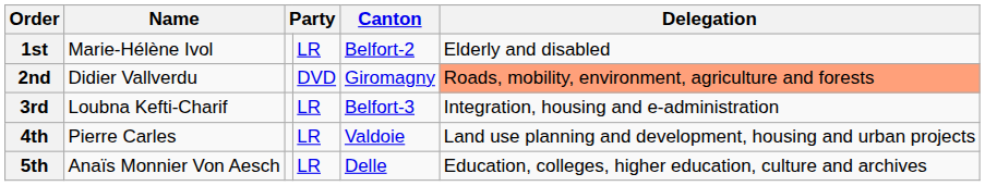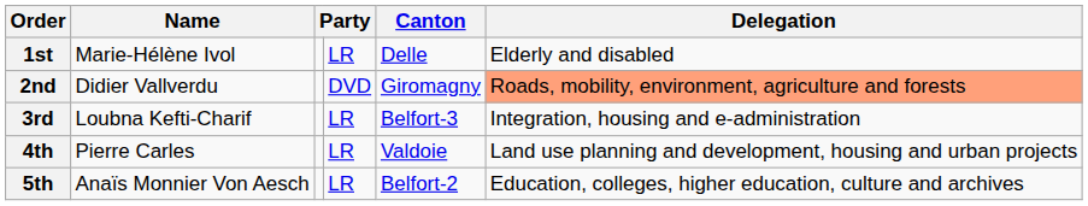 <table class="wikitable">
 <tr>
 <th>Order</th>
 <th>Name</th>
 <th colspan="2">Party</th>
 <th><a href='#'>Canton</a></th>
 <th>Delegation</th>
 </tr>
 <tr>
 <th>1st</th>
 <td>Marie-Hélène Ivol</td>
 <td style="background-color: "></td>
 <td><a href='#'>LR</a></td>
-<td><a href='#'>Belfort-2</a></td>
+<td><a href='#'>Delle</a></td>
 <td>Elderly and disabled</td>
 </tr>
 <tr>
 <th>2nd</th>
 <td>Didier Vallverdu</td>
 <td style="background-color: "></td>
 <td><a href='#'>DVD</a></td>
 <td><a href='#'>Giromagny</a></td>
 <td style="background: lightsalmon;">Roads, mobility, environment, agriculture and forests</td>
 </tr>
 <tr>
 <th>3rd</th>
 <td>Loubna Kefti-Charif</td>
 <td style="background-color: "></td>
 <td><a href='#'>LR</a></td>
 <td><a href='#'>Belfort-3</a></td>
 <td>Integration, housing and e-administration</td>
 </tr>
 <tr>
 <th>4th</th>
 <td>Pierre Carles</td>
 <td style="background-color: "></td>
 <td><a href='#'>LR</a></td>
 <td><a href='#'>Valdoie</a></td>
 <td>Land use planning and development, housing and urban projects</td>
 </tr>
 <tr>
 <th>5th</th>
 <td>Anaïs Monnier Von Aesch</td>
 <td style="background-color: "></td>
 <td><a href='#'>LR</a></td>
-<td><a href='#'>Delle</a></td>
+<td><a href='#'>Belfort-2</a></td>
 <td>Education, colleges, higher education, culture and archives</td>
 </tr>
 </table>
